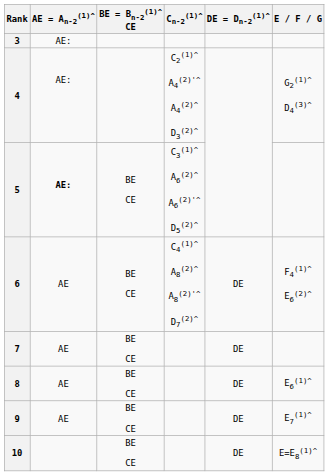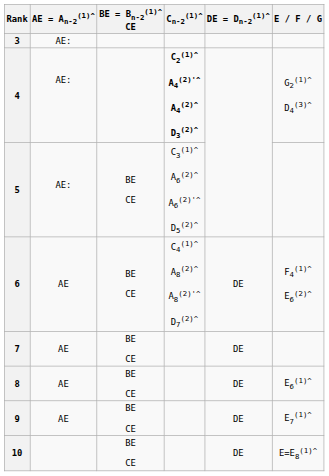 <table class="wikitable skin-invert-image">
 <tr align=center>
 <th>Rank</th>
 <th height=30>AE = A<sub>n-2</sub><sup>(1)^</sup></th>
 <th height=30>BE = B<sub>n-2</sub><sup>(1)^</sup><br>CE</th>
 <th height=30>C<sub>n-2</sub><sup>(1)^</sup></th>
 <th height=30>DE = D<sub>n-2</sub><sup>(1)^</sup></th>
 <th>E / F / G</th>
 </tr>
 <tr align=center>
 <th>3</th>
 <td>AE:</td>
 <td> </td>
 <td> </td>
 <td> </td>
 <td> </td>
 </tr>
 <tr align=center>
 <th>4</th>
 <td>AE:<br><br><br><br></td>
 <td> </td>
-<td>C<sub>2</sub><sup>(1)^</sup><br><br>A<sub>4</sub><sup>(2)'^</sup><br><br>A<sub>4</sub><sup>(2)^</sup><br><br>D<sub>3</sub><sup>(2)^</sup><br></td>
+<td><strong>C<sub>2</sub><sup>(1)^</sup><br><br>A<sub>4</sub><sup>(2)'^</sup><br><br>A<sub>4</sub><sup>(2)^</sup><br><br>D<sub>3</sub><sup>(2)^</sup><br></strong></td>
 <td rowspan=2> </td>
 <td>G<sub>2</sub><sup>(1)^</sup><br><br>D<sub>4</sub><sup>(3)^</sup><br></td>
 </tr>
 <tr align=center>
 <th>5</th>
-<td><strong>AE:<br><br></strong></td>
+<td>AE:<br><br></td>
 <td>BE<br><br>CE<br></td>
 <td>C<sub>3</sub><sup>(1)^</sup><br><br>A<sub>6</sub><sup>(2)^</sup><br><br>A<sub>6</sub><sup>(2)'^</sup><br><br>D<sub>5</sub><sup>(2)^</sup><br></td>
 <td></td>
 </tr>
 <tr align=center>
 <th>6</th>
 <td>AE<br></td>
 <td>BE<br><br>CE<br></td>
 <td>C<sub>4</sub><sup>(1)^</sup><br><br>A<sub>8</sub><sup>(2)^</sup><br><br>A<sub>8</sub><sup>(2)'^</sup><br><br>D<sub>7</sub><sup>(2)^</sup><br></td>
 <td>DE<br></td>
 <td>F<sub>4</sub><sup>(1)^</sup><br><br>E<sub>6</sub><sup>(2)^</sup><br></td>
 </tr>
 <tr align=center>
 <th>7</th>
 <td>AE<br></td>
 <td>BE<br><br>CE<br></td>
 <td></td>
 <td>DE<br></td>
 <td></td>
 </tr>
 <tr align=center>
 <th>8</th>
 <td>AE<br></td>
 <td>BE<br><br>CE<br></td>
 <td></td>
 <td>DE<br></td>
 <td>E<sub>6</sub><sup>(1)^</sup><br></td>
 </tr>
 <tr align=center>
 <th>9</th>
 <td>AE<br></td>
 <td>BE<br><br>CE<br></td>
 <td></td>
 <td>DE<br></td>
 <td>E<sub>7</sub><sup>(1)^</sup><br></td>
 </tr>
 <tr align=center>
 <th>10</th>
 <td> </td>
 <td>BE<br><br>CE<br></td>
 <td></td>
 <td>DE<br></td>
 <td>E=E<sub>8</sub><sup>(1)^</sup><br></td>
 </tr>
 </table>
